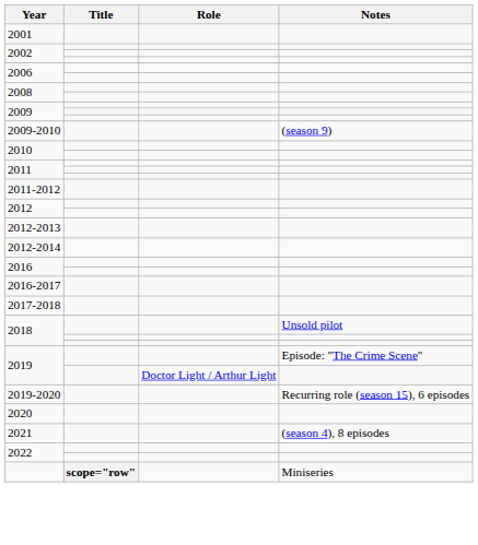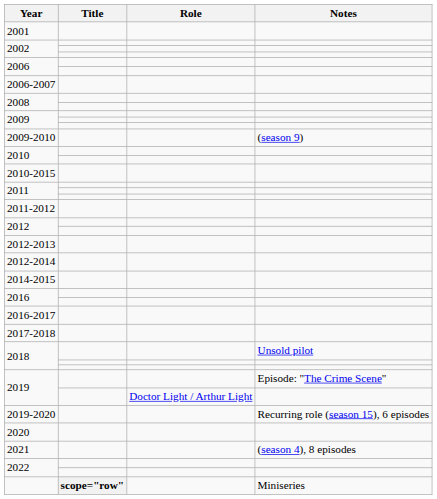 <table class="wikitable sortable plainrowheaders">
 <tr>
 <th scope="col">Year</th>
 <th scope="col">Title</th>
 <th scope="col">Role</th>
 <th scope="col" class="unsortable">Notes</th>
 </tr>
 <tr>
 <td>2001</td>
 <td><em></em></td>
 <td></td>
 <td></td>
 </tr>
 <tr>
 <td rowspan="3">2002</td>
 <td><em></em></td>
 <td></td>
 <td></td>
 </tr>
 <tr>
 <td><em></em></td>
 <td></td>
 <td></td>
 </tr>
 <tr>
 <td><em></em></td>
 <td></td>
 <td></td>
 </tr>
 <tr>
 <td rowspan="2">2006</td>
 <td><em></em></td>
 <td></td>
 <td></td>
 </tr>
 <tr>
+<td><em></em></td>
+<td></td>
+<td></td>
+</tr>
+<tr>
+<td>2006-2007</td>
 <td><em></em></td>
 <td></td>
 <td></td>
 </tr>
 <tr>
 <td rowspan="2">2008</td>
 <td><em></em></td>
 <td></td>
 <td></td>
 </tr>
 <tr>
 <td><em></em></td>
 <td></td>
 <td></td>
 </tr>
 <tr>
 <td rowspan="3">2009</td>
 <td><em></em></td>
 <td></td>
 <td></td>
 </tr>
 <tr>
 <td><em></em></td>
 <td></td>
 <td></td>
 </tr>
 <tr>
 <td><em></em></td>
 <td></td>
 <td></td>
 </tr>
 <tr>
 <td>2009-2010</td>
 <td><em></em></td>
 <td></td>
 <td>(<a href='#'>season 9</a>)</td>
 </tr>
 <tr>
 <td rowspan="2">2010</td>
 <td><em></em></td>
 <td></td>
 <td></td>
 </tr>
 <tr>
 <td><em></em></td>
 <td></td>
 <td></td>
 </tr>
 <tr>
+<td>2010-2015</td>
+<td><em></em></td>
+<td></td>
+<td></td>
+</tr>
+<tr>
 <td rowspan="3">2011</td>
 <td><em></em></td>
 <td></td>
 <td></td>
 </tr>
 <tr>
 <td><em></em></td>
 <td></td>
 <td></td>
 </tr>
 <tr>
 <td><em></em></td>
 <td></td>
 <td></td>
 </tr>
 <tr>
 <td>2011-2012</td>
 <td><em></em></td>
 <td></td>
 <td></td>
 </tr>
 <tr>
 <td rowspan="2">2012</td>
 <td><em></em></td>
 <td></td>
 <td></td>
 </tr>
 <tr>
 <td><em></em></td>
 <td></td>
 <td></td>
 </tr>
 <tr>
 <td>2012-2013</td>
 <td><em></em></td>
 <td></td>
 <td></td>
 </tr>
 <tr>
 <td>2012-2014</td>
+<td><em></em></td>
+<td></td>
+<td></td>
+</tr>
+<tr>
+<td>2014-2015</td>
 <td><em></em></td>
 <td></td>
 <td></td>
 </tr>
 <tr>
 <td rowspan="2">2016</td>
 <td><em></em></td>
 <td></td>
 <td></td>
 </tr>
 <tr>
 <td><em></em></td>
 <td></td>
 <td></td>
 </tr>
 <tr>
 <td>2016-2017</td>
 <td><em></em></td>
 <td></td>
 <td><br> </td>
 </tr>
 <tr>
 <td>2017-2018</td>
 <td><em></em></td>
 <td></td>
 <td></td>
 </tr>
 <tr>
 <td rowspan="3">2018</td>
 <td><em></em></td>
 <td></td>
 <td><a href='#'>Unsold pilot</a></td>
 </tr>
 <tr>
 <td><em></em></td>
 <td></td>
 <td></td>
 </tr>
 <tr>
 <td><em></em></td>
 <td></td>
 <td></td>
 </tr>
 <tr>
 <td rowspan="2">2019</td>
 <td><em></em></td>
 <td></td>
 <td>Episode: "<a href='#'>The Crime Scene</a>"</td>
 </tr>
 <tr>
 <td><em></em></td>
 <td><a href='#'>Doctor Light / Arthur Light</a></td>
 <td></td>
 </tr>
 <tr>
 <td>2019-2020</td>
 <td><em></em></td>
 <td></td>
 <td>Recurring role (<a href='#'>season 15</a>), 6 episodes</td>
 </tr>
 <tr>
 <td>2020</td>
 <td><em></em></td>
 <td></td>
 <td></td>
 </tr>
 <tr>
 <td>2021</td>
 <td><em></em></td>
 <td></td>
 <td> (<a href='#'>season 4</a>), 8 episodes</td>
 </tr>
 <tr>
 <td rowspan="2">2022</td>
 <td><em></em></td>
 <td></td>
 <td></td>
 </tr>
 <tr>
 <td><em></em></td>
 <td></td>
 <td></td>
 </tr>
 <tr>
 <td></td>
 <th>scope="row" </th>
 <td></td>
 <td>Miniseries</td>
 </tr>
 </table>
